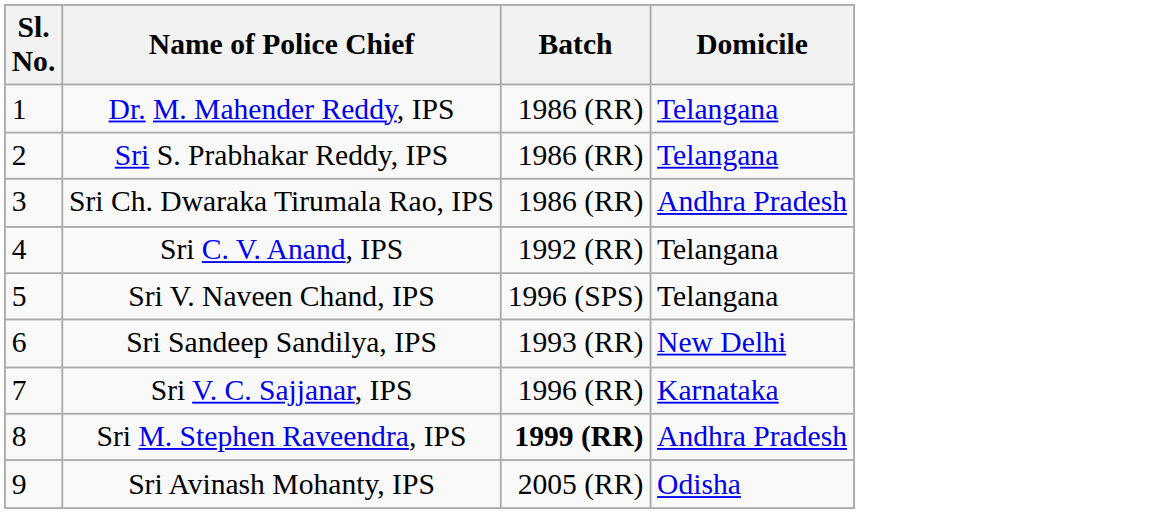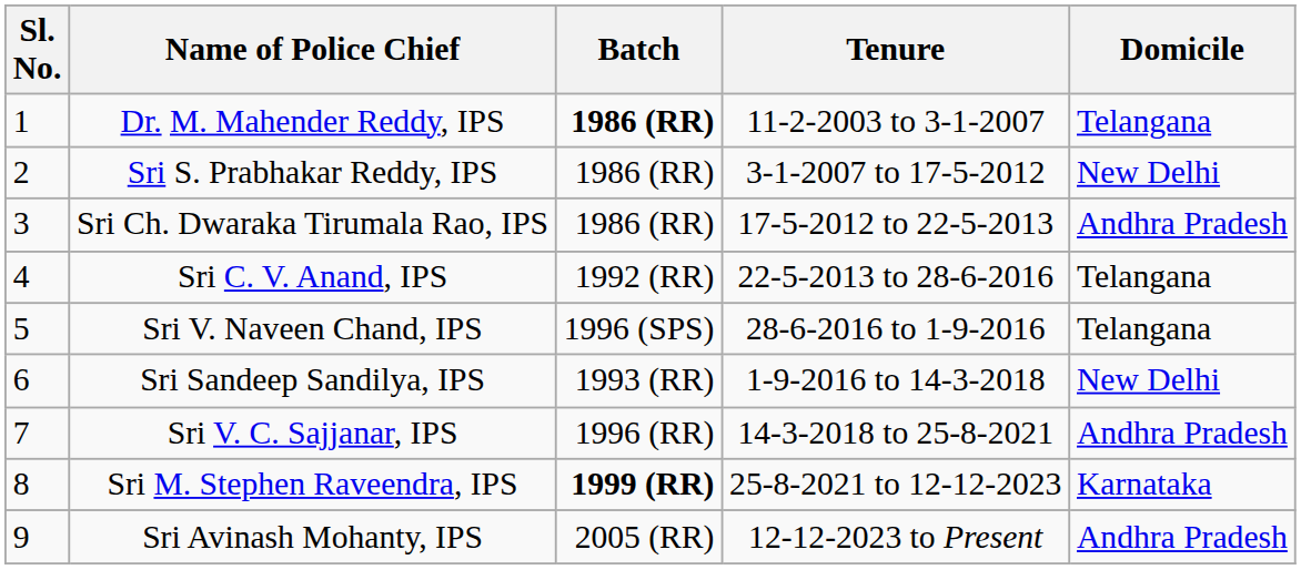 <table class="wikitable sortable">
 <tr>
 <th style="padding-center:15px;">Sl.<br>No.</th>
 <th style="padding-center:15px;">Name of Police Chief</th>
 <th style="padding-center:15px;">Batch</th>
+<th style="padding-center:15px;">Tenure</th>
 <th style="padding-center:15px;">Domicile</th>
 </tr>
 <tr>
 <td>1</td>
 <td align=center><a href='#'>Dr.</a> <a href='#'>M. Mahender Reddy</a>, IPS</td>
-<td align=right>1986 (RR)</td>
+<td align=right><strong>1986 (RR)</strong></td>
+<td align=center>11-2-2003 to 3-1-2007</td>
 <td><a href='#'>Telangana</a></td>
 </tr>
 <tr>
 <td>2</td>
 <td align=center><a href='#'>Sri</a> S. Prabhakar Reddy, IPS</td>
 <td align=right>1986 (RR)</td>
-<td><a href='#'>Telangana</a></td>
+<td align=center>3-1-2007 to 17-5-2012</td>
+<td><a href='#'>New Delhi</a></td>
 </tr>
 <tr>
 <td>3</td>
 <td align=center>Sri Ch. Dwaraka Tirumala Rao, IPS</td>
 <td align=right>1986 (RR)</td>
+<td align=center>17-5-2012 to 22-5-2013</td>
 <td><a href='#'>Andhra Pradesh</a></td>
 </tr>
 <tr>
 <td>4</td>
 <td align=center>Sri <a href='#'>C. V. Anand</a>, IPS</td>
 <td align=right>1992 (RR)</td>
+<td align=center>22-5-2013 to 28-6-2016</td>
 <td>Telangana</td>
 </tr>
 <tr>
 <td>5</td>
 <td align=center>Sri V. Naveen Chand, IPS</td>
 <td align=right>1996 (SPS)</td>
+<td align=center>28-6-2016 to 1-9-2016</td>
 <td>Telangana</td>
 </tr>
 <tr>
 <td>6</td>
 <td align=center>Sri Sandeep Sandilya, IPS</td>
 <td align=right>1993 (RR)</td>
+<td align=center>1-9-2016 to 14-3-2018</td>
 <td><a href='#'>New Delhi</a></td>
 </tr>
 <tr>
 <td>7</td>
 <td align=center>Sri <a href='#'>V. C. Sajjanar</a>, IPS</td>
 <td align=right>1996 (RR)</td>
-<td><a href='#'>Karnataka</a></td>
+<td align=center>14-3-2018 to 25-8-2021</td>
+<td><a href='#'>Andhra Pradesh</a></td>
 </tr>
 <tr>
 <td>8</td>
 <td align=center>Sri <a href='#'>M. Stephen Raveendra</a>, IPS</td>
 <td align=right><strong>1999 (RR)</strong></td>
-<td><a href='#'>Andhra Pradesh</a></td>
+<td align=center>25-8-2021 to 12-12-2023</td>
+<td><a href='#'>Karnataka</a></td>
 </tr>
 <tr>
 <td>9</td>
 <td align=center>Sri Avinash Mohanty, IPS</td>
 <td align=right>2005 (RR)</td>
-<td><a href='#'>Odisha</a></td>
+<td align=center>12-12-2023 to <em>Present</em></td>
+<td><a href='#'>Andhra Pradesh</a></td>
 </tr>
 </table>
